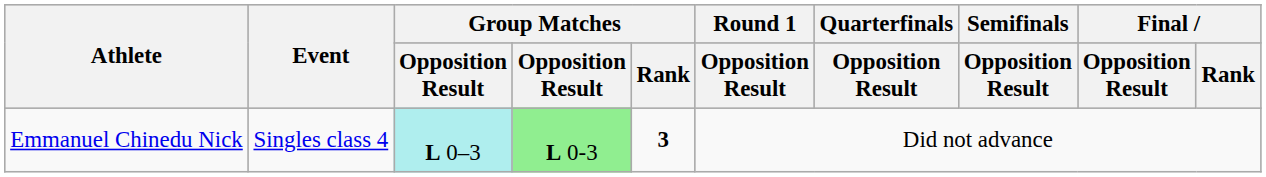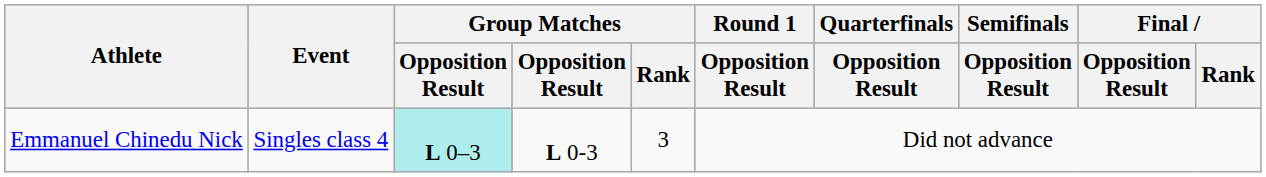 <table class=wikitable style="font-size:90%">
 <tr>
 <th rowspan="2">Athlete</th>
 <th rowspan="2">Event</th>
 <th colspan="3">Group Matches</th>
 <th>Round 1</th>
 <th>Quarterfinals</th>
 <th>Semifinals</th>
 <th colspan="2">Final / </th>
 </tr>
 <tr>
 <th>Opposition<br>Result</th>
 <th>Opposition<br>Result</th>
 <th>Rank</th>
 <th>Opposition<br>Result</th>
 <th>Opposition<br>Result</th>
 <th>Opposition<br>Result</th>
 <th>Opposition<br>Result</th>
 <th>Rank</th>
 </tr>
 <tr align=center>
 <td align=left><a href='#'>Emmanuel Chinedu Nick</a></td>
 <td align=left rowspan="2"><a href='#'>Singles class 4</a></td>
 <td style="background: paleturquoise;"><br><strong>L</strong> 0–3</td>
-<td style="background: lightgreen;"><br><strong>L</strong> 0-3</td>
-<td><strong>3</strong></td>
+<td><br><strong>L</strong> 0-3</td>
+<td>3</td>
 <td colspan="6">Did not advance</td>
 </tr>
 </table>
